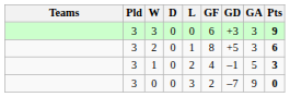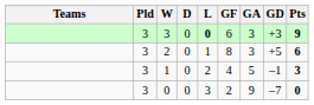 <table class="wikitable" style="text-align: center;">
 <tr>
 <th width=165>Teams</th>
 <th width=20>Pld</th>
 <th width=20>W</th>
 <th width=20>D</th>
 <th width=20>L</th>
 <th width=20>GF</th>
+<th width=20>GA</th>
 <th width=20>GD</th>
-<th width=20>GA</th>
 <th width=20>Pts</th>
 </tr>
 <tr align=center style="background:#ccffcc;">
 <td style="text-align:left;"></td>
 <td>3</td>
 <td>3</td>
 <td>0</td>
-<td>0</td>
+<td><strong>0</strong></td>
 <td>6</td>
+<td>3</td>
 <td>+3</td>
-<td>3</td>
 <td><strong>9</strong></td>
 </tr>
 <tr align=center>
 <td style="text-align:left;"></td>
 <td>3</td>
 <td>2</td>
 <td>0</td>
 <td>1</td>
 <td>8</td>
+<td>3</td>
 <td>+5</td>
-<td>3</td>
 <td><strong>6</strong></td>
 </tr>
 <tr align=center>
 <td style="text-align:left;"></td>
 <td>3</td>
 <td>1</td>
 <td>0</td>
 <td>2</td>
 <td>4</td>
+<td>5</td>
 <td>–1</td>
-<td>5</td>
 <td><strong>3</strong></td>
 </tr>
 <tr align=center>
 <td style="text-align:left;"></td>
 <td>3</td>
 <td>0</td>
 <td>0</td>
 <td>3</td>
 <td>2</td>
+<td>9</td>
 <td>–7</td>
-<td>9</td>
 <td><strong>0</strong></td>
 </tr>
 </table>
